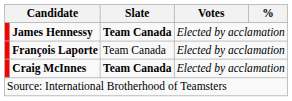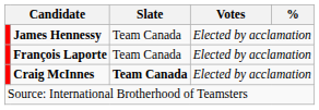 <table class="wikitable defaultright col1left col2left col3left">
 <tr>
 <th colspan=2>Candidate</th>
 <th>Slate</th>
 <th>Votes</th>
 <th>%</th>
 </tr>
 <tr>
 <td style="background: #FF0000"></td>
 <td><strong>James Hennessy</strong></td>
-<td><strong>Team Canada</strong></td>
+<td>Team Canada</td>
 <td colspan=2><em>Elected by acclamation</em></td>
 </tr>
 <tr>
 <td style="background: #FF0000"></td>
 <td><strong>François Laporte</strong></td>
 <td>Team Canada</td>
 <td colspan=2><em>Elected by acclamation</em></td>
 </tr>
 <tr>
 <td style="background: #FF0000"></td>
 <td><strong>Craig McInnes</strong></td>
 <td><strong>Team Canada</strong></td>
 <td colspan=2><em>Elected by acclamation</em></td>
 </tr>
 <tr>
 <td colspan=5>Source: International Brotherhood of Teamsters</td>
 </tr>
 </table>
